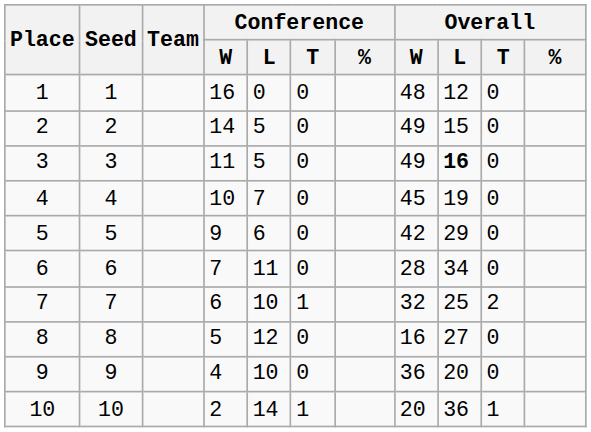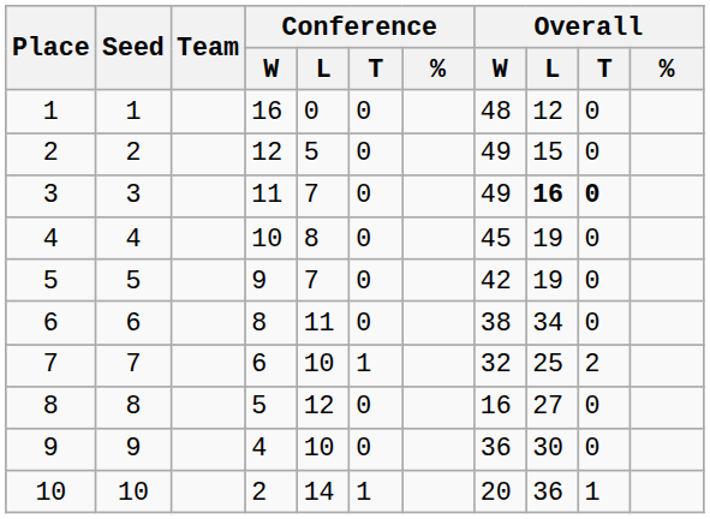 <table class="wikitable">
 <tr>
 <th rowspan ="2">Place</th>
 <th rowspan ="2">Seed</th>
 <th rowspan ="2">Team</th>
 <th colspan = "4">Conference</th>
 <th colspan = "4">Overall</th>
 </tr>
 <tr>
 <th scope="col" style="width: 20px;">W</th>
 <th scope="col" style="width: 20px;">L</th>
 <th scope="col" style="width: 20px;">T</th>
 <th scope="col" style="width: 30px;">%</th>
 <th scope="col" style="width: 20px;">W</th>
 <th scope="col" style="width: 20px;">L</th>
 <th scope="col" style="width: 20px;">T</th>
 <th scope="col" style="width: 30px;">%</th>
 </tr>
 <tr>
 <td style="text-align:center;">1</td>
 <td style="text-align:center;">1</td>
 <td></td>
 <td>16</td>
 <td>0</td>
 <td>0</td>
 <td></td>
 <td>48</td>
 <td>12</td>
 <td>0</td>
 <td></td>
 </tr>
 <tr>
 <td style="text-align:center;">2</td>
 <td style="text-align:center;">2</td>
 <td></td>
-<td>14</td>
+<td>12</td>
 <td>5</td>
 <td>0</td>
 <td></td>
 <td>49</td>
 <td>15</td>
 <td>0</td>
 <td></td>
 </tr>
 <tr>
 <td style="text-align:center;">3</td>
 <td style="text-align:center;">3</td>
 <td></td>
 <td>11</td>
-<td>5</td>
+<td>7</td>
 <td>0</td>
 <td></td>
 <td>49</td>
 <td><strong>16</strong></td>
-<td>0</td>
+<td><strong>0</strong></td>
 <td></td>
 </tr>
 <tr>
 <td style="text-align:center;">4</td>
 <td style="text-align:center;">4</td>
 <td></td>
 <td>10</td>
-<td>7</td>
+<td>8</td>
 <td>0</td>
 <td></td>
 <td>45</td>
 <td>19</td>
 <td>0</td>
 <td></td>
 </tr>
 <tr>
 <td style="text-align:center;">5</td>
 <td style="text-align:center;">5</td>
 <td></td>
 <td>9</td>
-<td>6</td>
+<td>7</td>
 <td>0</td>
 <td></td>
 <td>42</td>
-<td>29</td>
+<td>19</td>
 <td>0</td>
 <td></td>
 </tr>
 <tr>
 <td style="text-align:center;">6</td>
 <td style="text-align:center;">6</td>
 <td></td>
-<td>7</td>
+<td>8</td>
 <td>11</td>
 <td>0</td>
 <td></td>
-<td>28</td>
+<td>38</td>
 <td>34</td>
 <td>0</td>
 <td></td>
 </tr>
 <tr>
 <td style="text-align:center;">7</td>
 <td style="text-align:center;">7</td>
 <td></td>
 <td>6</td>
 <td>10</td>
 <td>1</td>
 <td></td>
 <td>32</td>
 <td>25</td>
 <td>2</td>
 <td></td>
 </tr>
 <tr>
 <td style="text-align:center;">8</td>
 <td style="text-align:center;">8</td>
 <td></td>
 <td>5</td>
 <td>12</td>
 <td>0</td>
 <td></td>
 <td>16</td>
 <td>27</td>
 <td>0</td>
 <td></td>
 </tr>
 <tr>
 <td style="text-align:center;">9</td>
 <td style="text-align:center;">9</td>
 <td></td>
 <td>4</td>
 <td>10</td>
 <td>0</td>
 <td></td>
 <td>36</td>
-<td>20</td>
+<td>30</td>
 <td>0</td>
 <td></td>
 </tr>
 <tr>
 <td style="text-align:center;">10</td>
 <td style="text-align:center;">10</td>
 <td></td>
 <td>2</td>
 <td>14</td>
 <td>1</td>
 <td></td>
 <td>20</td>
 <td>36</td>
 <td>1</td>
 <td></td>
 </tr>
 </table>
